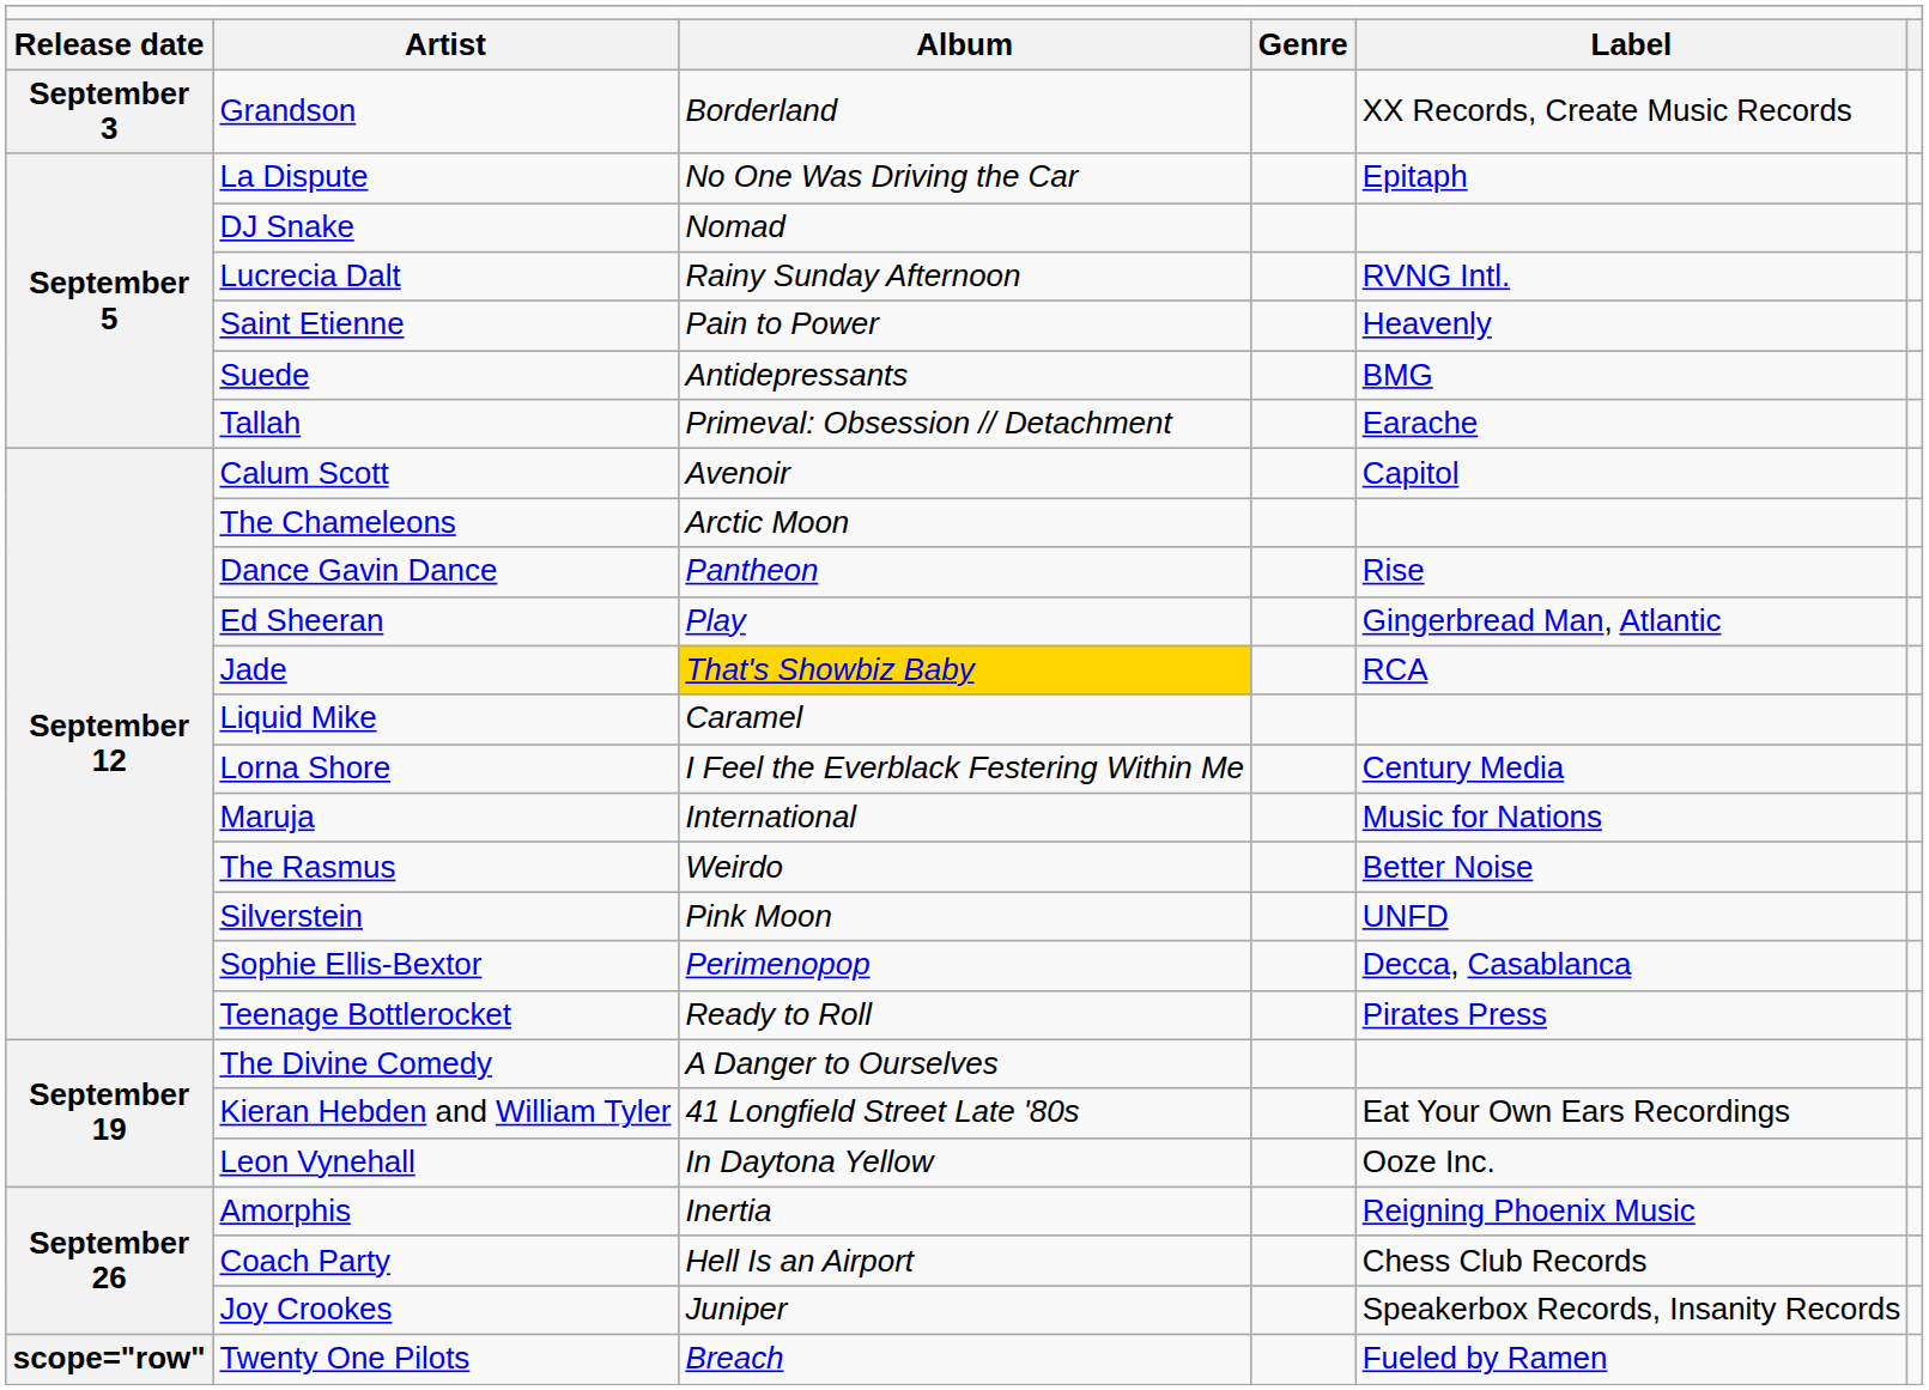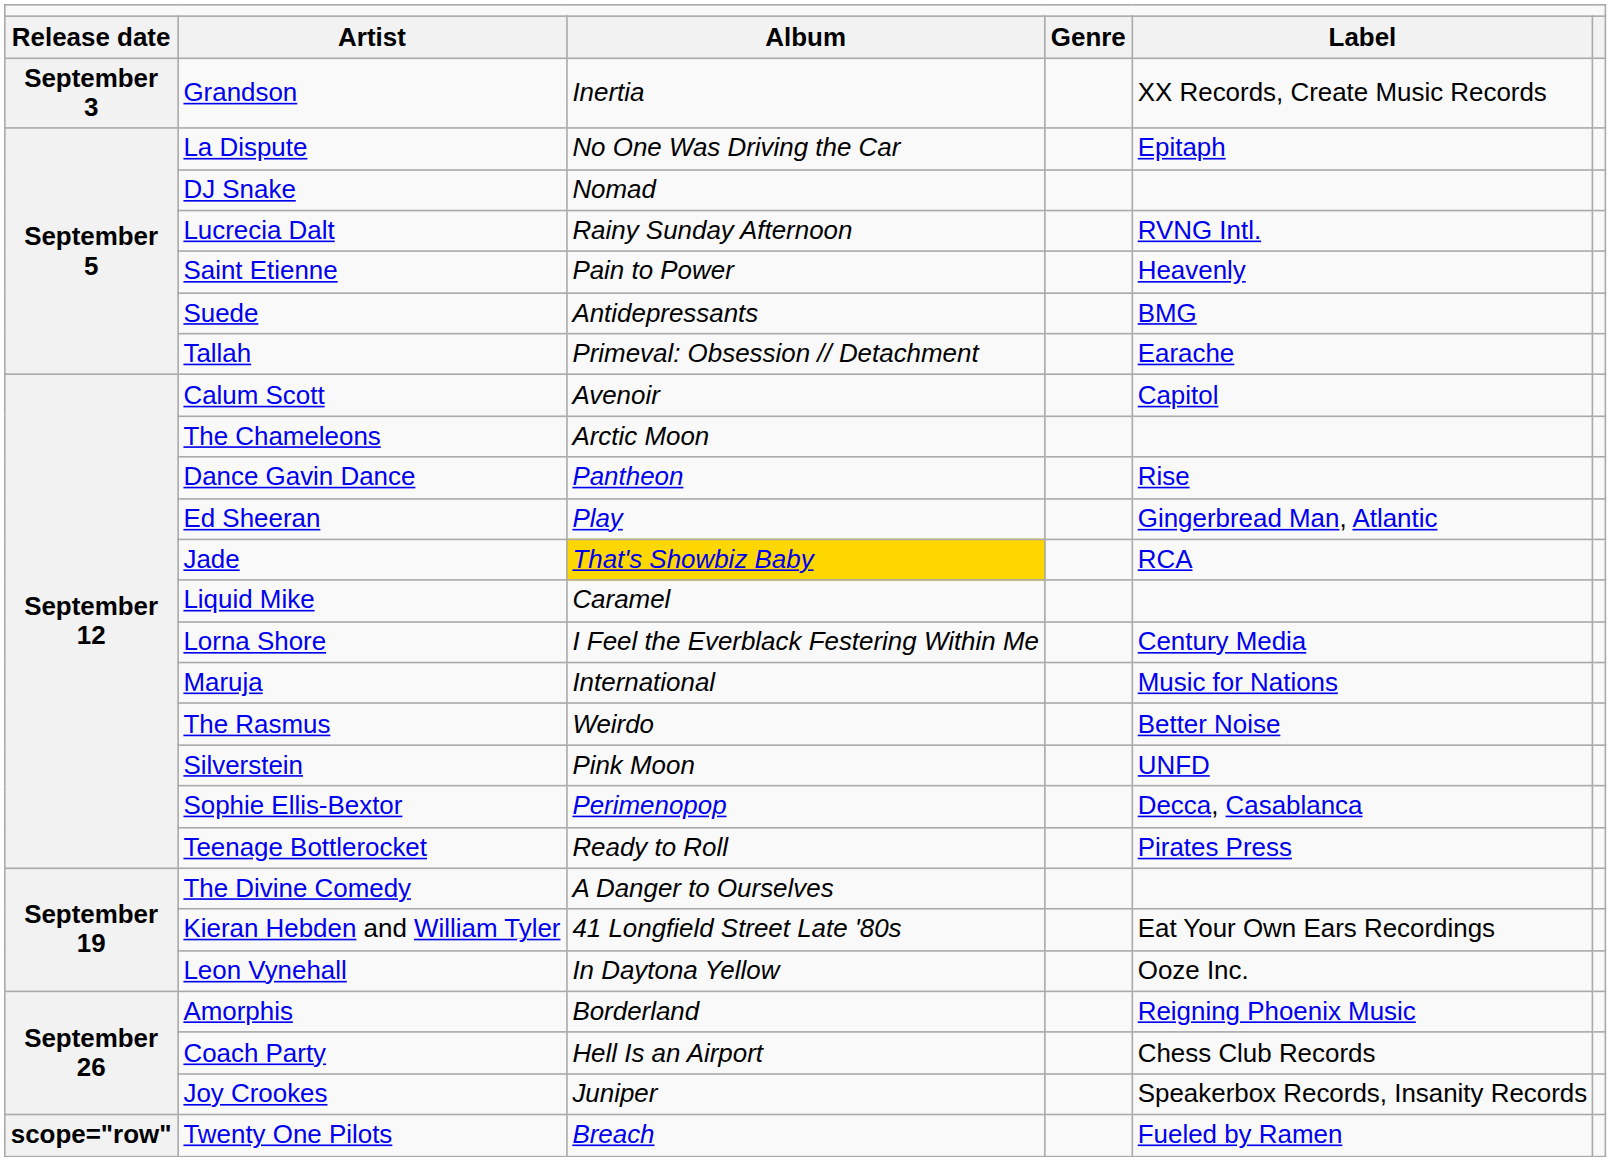 <table class="wikitable plainrowheaders">
 <tr>
 <td colspan="6" style="text-align:center;"></td>
 </tr>
 <tr>
 <th scope="col">Release date</th>
 <th scope="col">Artist</th>
 <th scope="col">Album</th>
 <th scope="col">Genre</th>
 <th scope="col">Label</th>
 <th scope="col"></th>
 </tr>
 <tr>
 <th scope="row" style="text-align:center;">September<br>3</th>
 <td><a href='#'>Grandson</a></td>
-<td><em>Borderland</em></td>
+<td><em>Inertia</em></td>
 <td></td>
 <td>XX Records, Create Music Records</td>
 <td></td>
 </tr>
 <tr>
 <th scope="row" rowspan="6" style="text-align:center;">September<br>5</th>
 <td><a href='#'>La Dispute</a></td>
 <td><em>No One Was Driving the Car</em></td>
 <td></td>
 <td><a href='#'>Epitaph</a></td>
 <td></td>
 </tr>
 <tr>
 <td><a href='#'>DJ Snake</a></td>
 <td><em>Nomad</em></td>
 <td></td>
 <td></td>
 <td></td>
 </tr>
 <tr>
 <td><a href='#'>Lucrecia Dalt</a></td>
 <td><em>Rainy Sunday Afternoon</em></td>
 <td></td>
 <td><a href='#'>RVNG Intl.</a></td>
 <td></td>
 </tr>
 <tr>
 <td><a href='#'>Saint Etienne</a></td>
 <td><em>Pain to Power</em></td>
 <td></td>
 <td><a href='#'>Heavenly</a></td>
 <td></td>
 </tr>
 <tr>
 <td><a href='#'>Suede</a></td>
 <td><em>Antidepressants</em></td>
 <td></td>
 <td><a href='#'>BMG</a></td>
 <td></td>
 </tr>
 <tr>
 <td><a href='#'>Tallah</a></td>
 <td><em>Primeval: Obsession // Detachment</em></td>
 <td></td>
 <td><a href='#'>Earache</a></td>
 <td></td>
 </tr>
 <tr>
 <th scope="row" rowspan="12" style="text-align:center;">September<br>12</th>
 <td><a href='#'>Calum Scott</a></td>
 <td><em>Avenoir</em></td>
 <td></td>
 <td><a href='#'>Capitol</a></td>
 <td></td>
 </tr>
 <tr>
 <td><a href='#'>The Chameleons</a></td>
 <td><em>Arctic Moon</em></td>
 <td></td>
 <td></td>
 <td></td>
 </tr>
 <tr>
 <td><a href='#'>Dance Gavin Dance</a></td>
 <td><em><a href='#'>Pantheon</a></em></td>
 <td></td>
 <td><a href='#'>Rise</a></td>
 <td></td>
 </tr>
 <tr>
 <td><a href='#'>Ed Sheeran</a></td>
 <td><em><a href='#'>Play</a></em></td>
 <td></td>
 <td><a href='#'>Gingerbread Man</a>, <a href='#'>Atlantic</a></td>
 <td></td>
 </tr>
 <tr>
 <td><a href='#'>Jade</a></td>
 <td style="background: gold;"><em><a href='#'>That's Showbiz Baby</a></em></td>
 <td></td>
 <td><a href='#'>RCA</a></td>
 <td></td>
 </tr>
 <tr>
 <td><a href='#'>Liquid Mike</a></td>
 <td><em>Caramel</em></td>
 <td></td>
 <td></td>
 <td></td>
 </tr>
 <tr>
 <td><a href='#'>Lorna Shore</a></td>
 <td><em>I Feel the Everblack Festering Within Me</em></td>
 <td></td>
 <td><a href='#'>Century Media</a></td>
 <td></td>
 </tr>
 <tr>
 <td><a href='#'>Maruja</a></td>
 <td><em>International</em></td>
 <td></td>
 <td><a href='#'>Music for Nations</a></td>
 <td></td>
 </tr>
 <tr>
 <td><a href='#'>The Rasmus</a></td>
 <td><em>Weirdo</em></td>
 <td></td>
 <td><a href='#'>Better Noise</a></td>
 <td></td>
 </tr>
 <tr>
 <td><a href='#'>Silverstein</a></td>
 <td><em>Pink Moon</em></td>
 <td></td>
 <td><a href='#'>UNFD</a></td>
 <td></td>
 </tr>
 <tr>
 <td><a href='#'>Sophie Ellis-Bextor</a></td>
 <td><em><a href='#'>Perimenopop</a></em></td>
 <td></td>
 <td><a href='#'>Decca</a>, <a href='#'>Casablanca</a></td>
 <td></td>
 </tr>
 <tr>
 <td><a href='#'>Teenage Bottlerocket</a></td>
 <td><em>Ready to Roll</em></td>
 <td></td>
 <td><a href='#'>Pirates Press</a></td>
 <td></td>
 </tr>
 <tr>
 <th scope="row" rowspan="3" style="text-align:center;">September<br>19</th>
 <td><a href='#'>The Divine Comedy</a></td>
 <td><em>A Danger to Ourselves</em></td>
 <td></td>
 <td></td>
 <td></td>
 </tr>
 <tr>
 <td><a href='#'>Kieran Hebden</a> and <a href='#'>William Tyler</a></td>
 <td><em>41 Longfield Street Late '80s</em></td>
 <td></td>
 <td>Eat Your Own Ears Recordings</td>
 <td></td>
 </tr>
 <tr>
 <td><a href='#'>Leon Vynehall</a></td>
 <td><em>In Daytona Yellow</em></td>
 <td></td>
 <td>Ooze Inc.</td>
 <td></td>
 </tr>
 <tr>
 <th scope="row" rowspan="3" style="text-align:center;">September<br>26</th>
 <td><a href='#'>Amorphis</a></td>
-<td><em>Inertia</em></td>
+<td><em>Borderland</em></td>
 <td></td>
 <td><a href='#'>Reigning Phoenix Music</a></td>
 <td></td>
 </tr>
 <tr>
 <td><a href='#'>Coach Party</a></td>
 <td><em>Hell Is an Airport</em></td>
 <td></td>
 <td>Chess Club Records</td>
 <td></td>
 </tr>
 <tr>
 <td><a href='#'>Joy Crookes</a></td>
 <td><em>Juniper</em></td>
 <td></td>
 <td>Speakerbox Records, Insanity Records</td>
 <td></td>
 </tr>
 <tr>
 <th>scope="row" </th>
 <td><a href='#'>Twenty One Pilots</a></td>
 <td><em><a href='#'>Breach</a></em></td>
 <td></td>
 <td><a href='#'>Fueled by Ramen</a></td>
 <td></td>
 </tr>
 </table>
